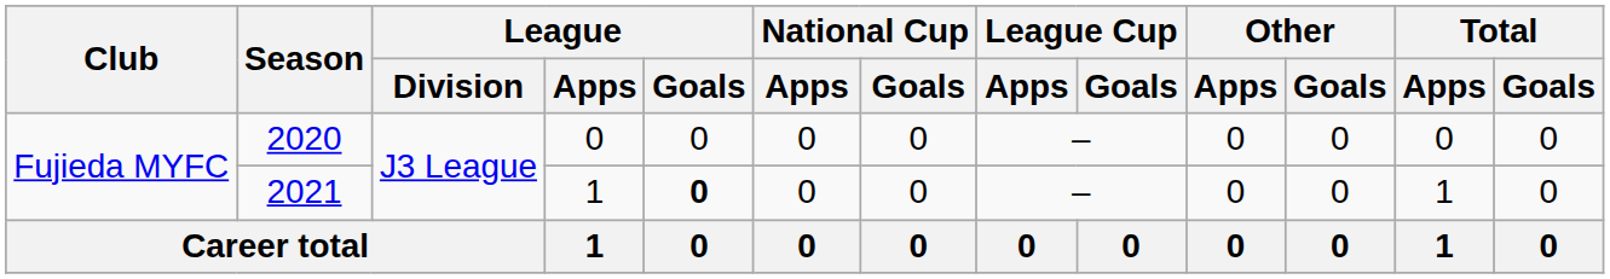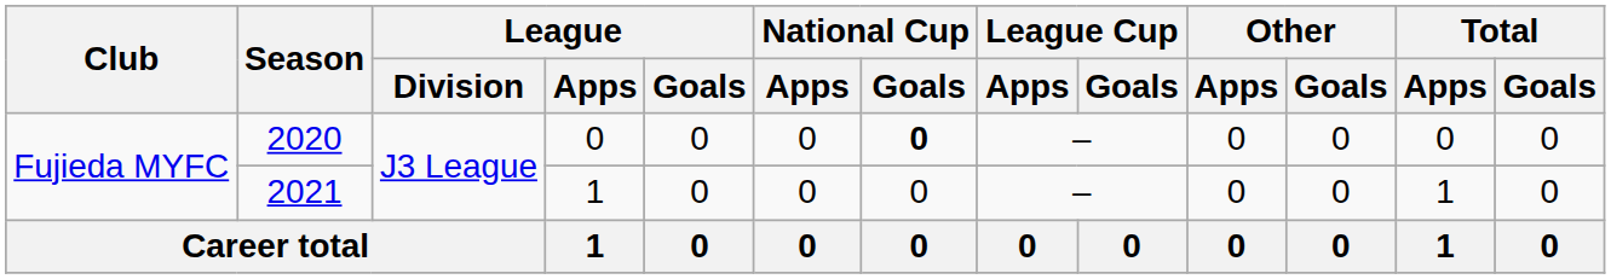 <table class="wikitable" style="text-align: center">
 <tr>
 <th rowspan="2">Club</th>
 <th rowspan="2">Season</th>
 <th colspan="3">League</th>
 <th colspan="2">National Cup</th>
 <th colspan="2">League Cup</th>
 <th colspan="2">Other</th>
 <th colspan="2">Total</th>
 </tr>
 <tr>
 <th>Division</th>
 <th>Apps</th>
 <th>Goals</th>
 <th>Apps</th>
 <th>Goals</th>
 <th>Apps</th>
 <th>Goals</th>
 <th>Apps</th>
 <th>Goals</th>
 <th>Apps</th>
 <th>Goals</th>
 </tr>
 <tr>
 <td rowspan="2"><a href='#'>Fujieda MYFC</a></td>
 <td><a href='#'>2020</a></td>
 <td rowspan="2"><a href='#'>J3 League</a></td>
 <td>0</td>
 <td>0</td>
 <td>0</td>
-<td>0</td>
+<td><strong>0</strong></td>
 <td colspan="2">–</td>
 <td>0</td>
 <td>0</td>
 <td>0</td>
 <td>0</td>
 </tr>
 <tr>
 <td><a href='#'>2021</a></td>
 <td>1</td>
-<td><strong>0</strong></td>
+<td>0</td>
 <td>0</td>
 <td>0</td>
 <td colspan="2">–</td>
 <td>0</td>
 <td>0</td>
 <td>1</td>
 <td>0</td>
 </tr>
 <tr>
 <th colspan=3>Career total</th>
 <th>1</th>
 <th>0</th>
 <th>0</th>
 <th>0</th>
 <th>0</th>
 <th>0</th>
 <th>0</th>
 <th>0</th>
 <th>1</th>
 <th>0</th>
 </tr>
 </table>
